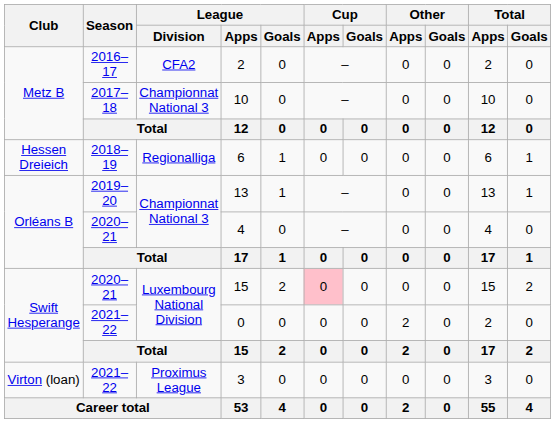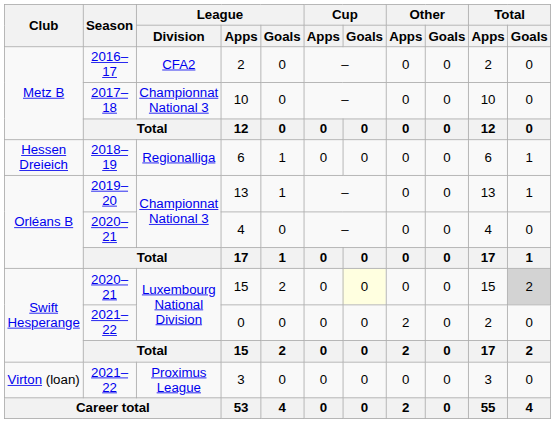 <table class="wikitable" style="text-align: center">
 <tr>
 <th rowspan="2">Club</th>
 <th rowspan="2">Season</th>
 <th colspan="3">League</th>
 <th colspan="2">Cup</th>
 <th colspan="2">Other</th>
 <th colspan="2">Total</th>
 </tr>
 <tr>
 <th>Division</th>
 <th>Apps</th>
 <th>Goals</th>
 <th>Apps</th>
 <th>Goals</th>
 <th>Apps</th>
 <th>Goals</th>
 <th>Apps</th>
 <th>Goals</th>
 </tr>
 <tr>
 <td rowspan="3"><a href='#'>Metz B</a></td>
 <td><a href='#'>2016–17</a></td>
 <td><a href='#'>CFA2</a></td>
 <td>2</td>
 <td>0</td>
 <td colspan="2">–</td>
 <td>0</td>
 <td>0</td>
 <td>2</td>
 <td>0</td>
 </tr>
 <tr>
 <td><a href='#'>2017–18</a></td>
 <td><a href='#'>Championnat National 3</a></td>
 <td>10</td>
 <td>0</td>
 <td colspan="2">–</td>
 <td>0</td>
 <td>0</td>
 <td>10</td>
 <td>0</td>
 </tr>
 <tr>
 <th colspan="2"><strong>Total</strong></th>
 <th>12</th>
 <th>0</th>
 <th>0</th>
 <th>0</th>
 <th>0</th>
 <th>0</th>
 <th>12</th>
 <th>0</th>
 </tr>
 <tr>
 <td><a href='#'>Hessen Dreieich</a></td>
 <td><a href='#'>2018–19</a></td>
 <td><a href='#'>Regionalliga</a></td>
 <td>6</td>
 <td>1</td>
 <td>0</td>
 <td>0</td>
 <td>0</td>
 <td>0</td>
 <td>6</td>
 <td>1</td>
 </tr>
 <tr>
 <td rowspan="3"><a href='#'>Orléans B</a></td>
 <td><a href='#'>2019–20</a></td>
 <td rowspan="2"><a href='#'>Championnat National 3</a></td>
 <td>13</td>
 <td>1</td>
 <td colspan="2">–</td>
 <td>0</td>
 <td>0</td>
 <td>13</td>
 <td>1</td>
 </tr>
 <tr>
 <td><a href='#'>2020–21</a></td>
 <td>4</td>
 <td>0</td>
 <td colspan="2">–</td>
 <td>0</td>
 <td>0</td>
 <td>4</td>
 <td>0</td>
 </tr>
 <tr>
 <th colspan="2"><strong>Total</strong></th>
 <th>17</th>
 <th>1</th>
 <th>0</th>
 <th>0</th>
 <th>0</th>
 <th>0</th>
 <th>17</th>
 <th>1</th>
 </tr>
 <tr>
 <td rowspan="3"><a href='#'>Swift Hesperange</a></td>
 <td><a href='#'>2020–21</a></td>
 <td rowspan="2"><a href='#'>Luxembourg National Division</a></td>
 <td>15</td>
 <td>2</td>
-<td style="background: pink;">0</td>
 <td>0</td>
+<td style="background: lightyellow;">0</td>
 <td>0</td>
 <td>0</td>
 <td>15</td>
-<td>2</td>
+<td style="background: lightgrey;">2</td>
 </tr>
 <tr>
 <td><a href='#'>2021–22</a></td>
 <td>0</td>
 <td>0</td>
 <td>0</td>
 <td>0</td>
 <td>2</td>
 <td>0</td>
 <td>2</td>
 <td>0</td>
 </tr>
 <tr>
 <th colspan="2"><strong>Total</strong></th>
 <th>15</th>
 <th>2</th>
 <th>0</th>
 <th>0</th>
 <th>2</th>
 <th>0</th>
 <th>17</th>
 <th>2</th>
 </tr>
 <tr>
 <td><a href='#'>Virton</a> (loan)</td>
 <td><a href='#'>2021–22</a></td>
 <td><a href='#'>Proximus League</a></td>
 <td>3</td>
 <td>0</td>
 <td>0</td>
 <td>0</td>
 <td>0</td>
 <td>0</td>
 <td>3</td>
 <td>0</td>
 </tr>
 <tr>
 <th colspan="3"><strong>Career total</strong></th>
 <th>53</th>
 <th>4</th>
 <th>0</th>
 <th>0</th>
 <th>2</th>
 <th>0</th>
 <th>55</th>
 <th>4</th>
 </tr>
 </table>
